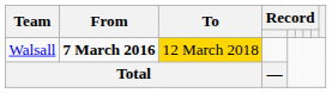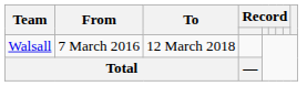 <table class=wikitable style="text-align: center">
 <tr>
 <th rowspan=2>Team</th>
 <th rowspan=2>From</th>
 <th rowspan=2>To</th>
 <th colspan=5>Record</th>
 <th rowspan=2></th>
 </tr>
 <tr>
 <th></th>
 <th></th>
 <th></th>
 <th></th>
 <th></th>
 </tr>
 <tr>
 <td align=left><a href='#'>Walsall</a></td>
-<td align=left><strong>7 March 2016</strong></td>
-<td align=left style="background: gold;">12 March 2018<br></td>
+<td align=left>7 March 2016</td>
+<td align=left>12 March 2018<br></td>
 <td></td>
 </tr>
 <tr>
 <th colspan=3>Total<br></th>
 <th>—</th>
 </tr>
 </table>
